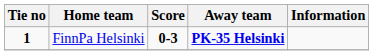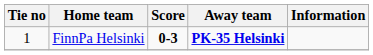 <table class="wikitable" style="text-align:center">
 <tr>
 <th style= width="40px">Tie no</th>
 <th style= width="150px">Home team</th>
 <th style= width="60px">Score</th>
 <th style= width="150px">Away team</th>
 <th style= width="30px">Information</th>
 </tr>
 <tr>
-<td><strong>1</strong></td>
+<td>1</td>
 <td><a href='#'>FinnPa Helsinki</a></td>
 <td><strong>0-3</strong></td>
 <td><strong><a href='#'>PK-35 Helsinki</a></strong></td>
 <td></td>
 </tr>
 <tr>
 </tr>
 </table>
